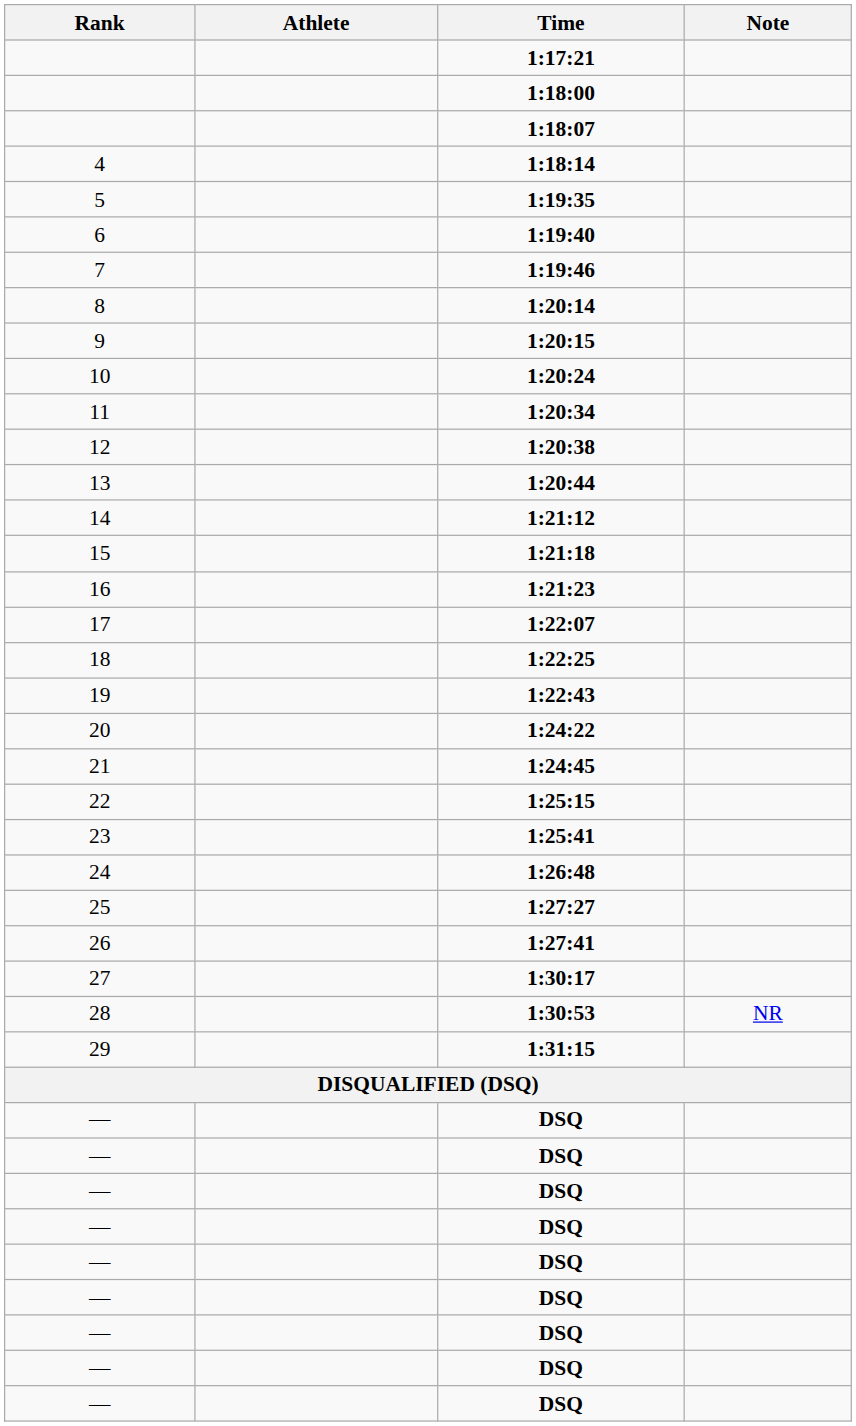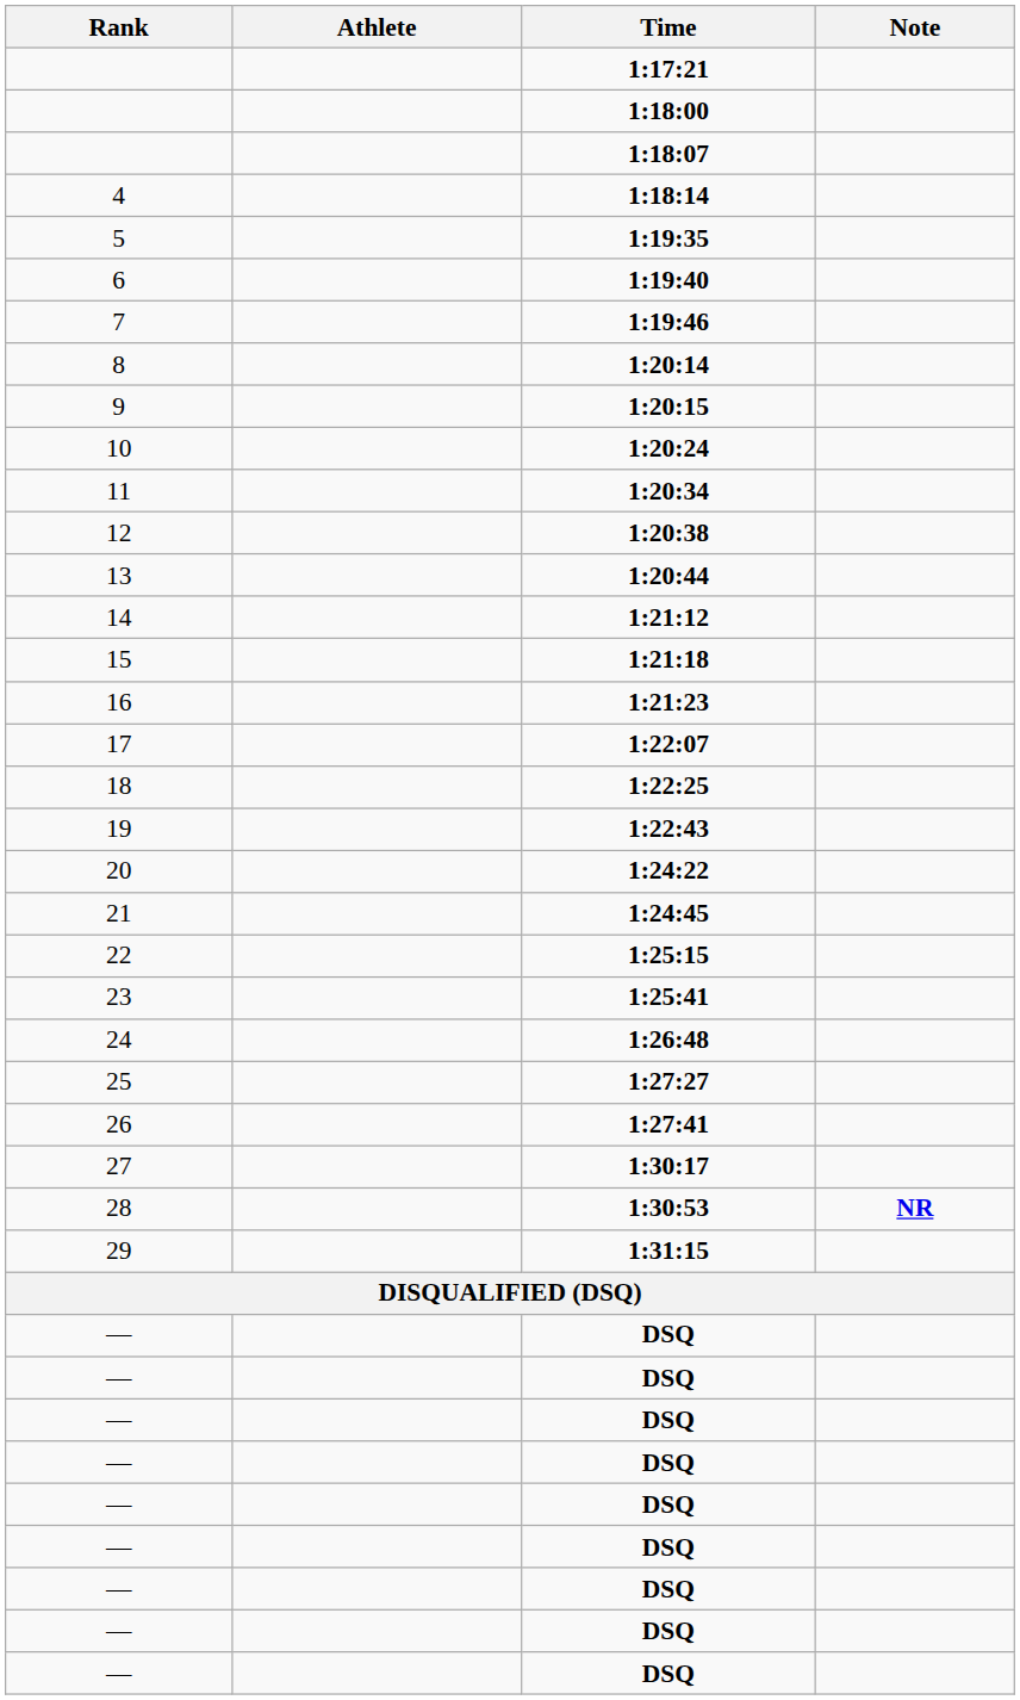 <table class="wikitable" style=" text-align:center; font-size:110%;" width="55%">
 <tr>
 <th>Rank</th>
 <th>Athlete</th>
 <th>Time</th>
 <th>Note</th>
 </tr>
 <tr>
 <td></td>
 <td align=left></td>
 <td><strong>1:17:21</strong></td>
 <td></td>
 </tr>
 <tr>
 <td></td>
 <td align=left></td>
 <td><strong>1:18:00</strong></td>
 <td></td>
 </tr>
 <tr>
 <td></td>
 <td align=left></td>
 <td><strong>1:18:07</strong></td>
 <td></td>
 </tr>
 <tr>
 <td>4</td>
 <td align=left></td>
 <td><strong>1:18:14</strong></td>
 <td></td>
 </tr>
 <tr>
 <td>5</td>
 <td align=left></td>
 <td><strong>1:19:35</strong></td>
 <td></td>
 </tr>
 <tr>
 <td>6</td>
 <td align=left></td>
 <td><strong>1:19:40</strong></td>
 <td></td>
 </tr>
 <tr>
 <td>7</td>
 <td align=left></td>
 <td><strong>1:19:46</strong></td>
 <td></td>
 </tr>
 <tr>
 <td>8</td>
 <td align=left></td>
 <td><strong>1:20:14</strong></td>
 <td></td>
 </tr>
 <tr>
 <td>9</td>
 <td align=left></td>
 <td><strong>1:20:15</strong></td>
 <td></td>
 </tr>
 <tr>
 <td>10</td>
 <td align=left></td>
 <td><strong>1:20:24</strong></td>
 <td></td>
 </tr>
 <tr>
 <td>11</td>
 <td align=left></td>
 <td><strong>1:20:34</strong></td>
 <td></td>
 </tr>
 <tr>
 <td>12</td>
 <td align=left></td>
 <td><strong>1:20:38</strong></td>
 <td></td>
 </tr>
 <tr>
 <td>13</td>
 <td align=left></td>
 <td><strong>1:20:44</strong></td>
 <td></td>
 </tr>
 <tr>
 <td>14</td>
 <td align=left></td>
 <td><strong>1:21:12</strong></td>
 <td></td>
 </tr>
 <tr>
 <td>15</td>
 <td align=left></td>
 <td><strong>1:21:18</strong></td>
 <td></td>
 </tr>
 <tr>
 <td>16</td>
 <td align=left></td>
 <td><strong>1:21:23</strong></td>
 <td></td>
 </tr>
 <tr>
 <td>17</td>
 <td align=left></td>
 <td><strong>1:22:07</strong></td>
 <td></td>
 </tr>
 <tr>
 <td>18</td>
 <td align=left></td>
 <td><strong>1:22:25</strong></td>
 <td></td>
 </tr>
 <tr>
 <td>19</td>
 <td align=left></td>
 <td><strong>1:22:43</strong></td>
 <td></td>
 </tr>
 <tr>
 <td>20</td>
 <td align=left></td>
 <td><strong>1:24:22</strong></td>
 <td></td>
 </tr>
 <tr>
 <td>21</td>
 <td align=left></td>
 <td><strong>1:24:45</strong></td>
 <td></td>
 </tr>
 <tr>
 <td>22</td>
 <td align=left></td>
 <td><strong>1:25:15</strong></td>
 <td></td>
 </tr>
 <tr>
 <td>23</td>
 <td align=left></td>
 <td><strong>1:25:41</strong></td>
 <td></td>
 </tr>
 <tr>
 <td>24</td>
 <td align=left></td>
 <td><strong>1:26:48</strong></td>
 <td></td>
 </tr>
 <tr>
 <td>25</td>
 <td align=left></td>
 <td><strong>1:27:27</strong></td>
 <td></td>
 </tr>
 <tr>
 <td>26</td>
 <td align=left></td>
 <td><strong>1:27:41</strong></td>
 <td></td>
 </tr>
 <tr>
 <td>27</td>
 <td align=left></td>
 <td><strong>1:30:17</strong></td>
 <td></td>
 </tr>
 <tr>
 <td>28</td>
 <td align=left></td>
 <td><strong>1:30:53</strong></td>
-<td><a href='#'>NR</a></td>
+<td><strong><a href='#'>NR</a></strong></td>
 </tr>
 <tr>
 <td>29</td>
 <td align=left></td>
 <td><strong>1:31:15</strong></td>
 <td></td>
 </tr>
 <tr>
 <th colspan="4">DISQUALIFIED (DSQ)</th>
 </tr>
 <tr>
 <td>—</td>
 <td align=left></td>
 <td><strong>DSQ</strong></td>
 <td></td>
 </tr>
 <tr>
 <td>—</td>
 <td align=left></td>
 <td><strong>DSQ</strong></td>
 <td></td>
 </tr>
 <tr>
 <td>—</td>
 <td align=left></td>
 <td><strong>DSQ</strong></td>
 <td></td>
 </tr>
 <tr>
 <td>—</td>
 <td align=left></td>
 <td><strong>DSQ</strong></td>
 <td></td>
 </tr>
 <tr>
 <td>—</td>
 <td align=left></td>
 <td><strong>DSQ</strong></td>
 <td></td>
 </tr>
 <tr>
 <td>—</td>
 <td align=left></td>
 <td><strong>DSQ</strong></td>
 <td></td>
 </tr>
 <tr>
 <td>—</td>
 <td align=left></td>
 <td><strong>DSQ</strong></td>
 </tr>
 <tr>
 <td>—</td>
 <td align=left></td>
 <td><strong>DSQ</strong></td>
 <td></td>
 </tr>
 <tr>
 <td>—</td>
 <td align=left></td>
 <td><strong>DSQ</strong></td>
 <td></td>
 </tr>
 </table>
